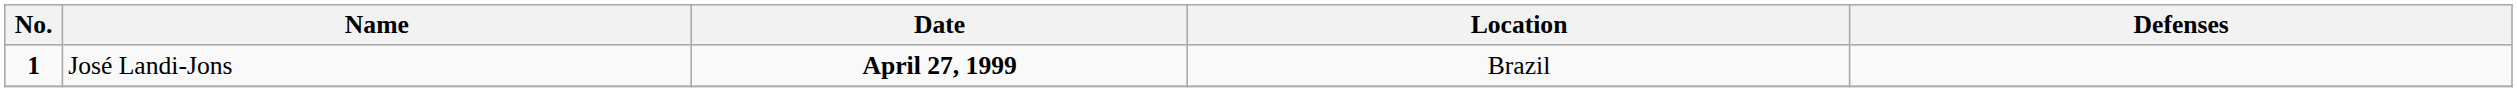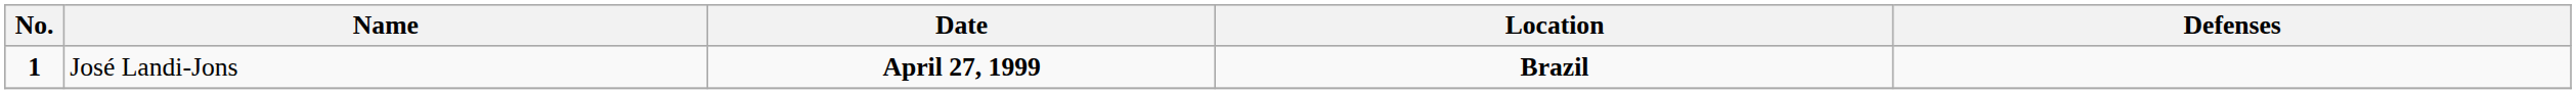 <table class="wikitable"  style="width:99%; text-align:center;">
 <tr>
 <th style="width:1%;">No.</th>
 <th style="width:19%;">Name</th>
 <th style="width:15%;">Date</th>
 <th style="width:20%;">Location</th>
 <th style="width:20%;">Defenses</th>
 </tr>
 <tr>
 <td align=center><strong>1</strong></td>
 <td align="left"> José Landi-Jons<br></td>
 <td><strong>April 27, 1999<br></strong></td>
-<td>Brazil</td>
+<td><strong>Brazil</strong></td>
 <td></td>
 </tr>
 <tr>
 </tr>
 </table>
